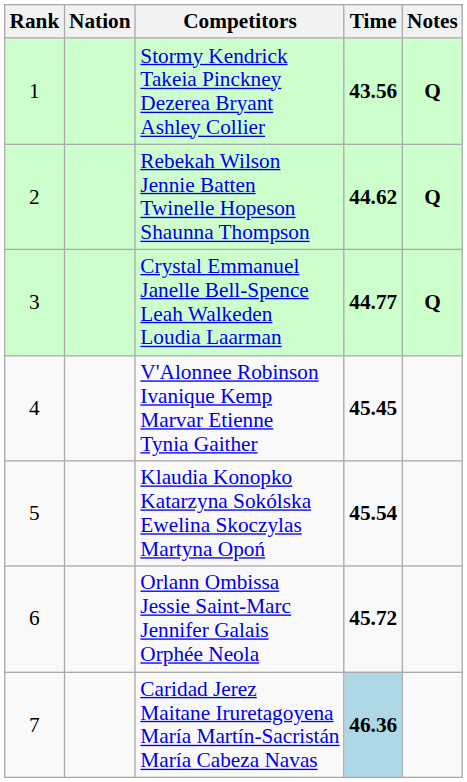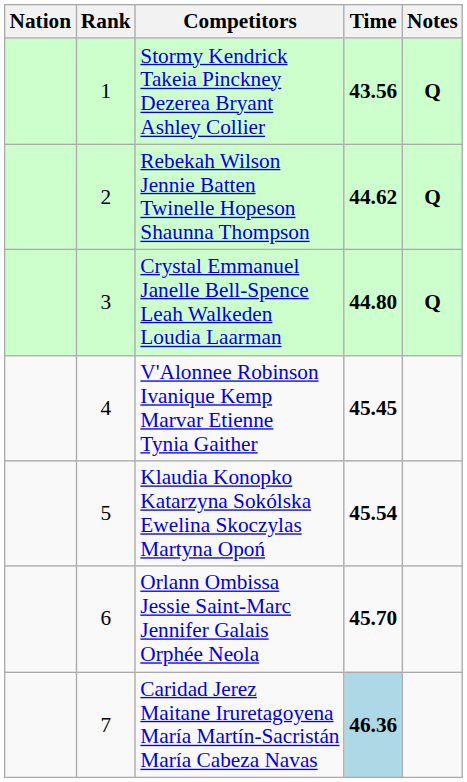 <table class="wikitable sortable" style="text-align:center">
 <tr>
+<th>Nation</th>
 <th>Rank</th>
-<th>Nation</th>
 <th>Competitors</th>
 <th>Time</th>
 <th>Notes</th>
 </tr>
 <tr bgcolor=ccffcc>
+<td align=left></td>
 <td>1</td>
-<td align=left></td>
 <td align=left><a href='#'>Stormy Kendrick</a><br><a href='#'>Takeia Pinckney</a><br><a href='#'>Dezerea Bryant</a><br><a href='#'>Ashley Collier</a></td>
 <td><strong>43.56</strong></td>
 <td><strong>Q</strong></td>
 </tr>
 <tr bgcolor=ccffcc>
+<td align=left></td>
 <td>2</td>
-<td align=left></td>
 <td align=left><a href='#'>Rebekah Wilson</a><br><a href='#'>Jennie Batten</a><br><a href='#'>Twinelle Hopeson</a><br><a href='#'>Shaunna Thompson</a></td>
 <td><strong>44.62</strong></td>
 <td><strong>Q</strong></td>
 </tr>
 <tr bgcolor=ccffcc>
+<td align=left></td>
 <td>3</td>
-<td align=left></td>
 <td align=left><a href='#'>Crystal Emmanuel</a><br><a href='#'>Janelle Bell-Spence</a><br><a href='#'>Leah Walkeden</a><br><a href='#'>Loudia Laarman</a></td>
-<td><strong>44.77</strong></td>
+<td><strong>44.80</strong></td>
 <td><strong>Q</strong></td>
 </tr>
 <tr>
+<td align=left></td>
 <td>4</td>
-<td align=left></td>
 <td align=left><a href='#'>V'Alonnee Robinson</a><br><a href='#'>Ivanique Kemp</a><br><a href='#'>Marvar Etienne</a><br><a href='#'>Tynia Gaither</a></td>
 <td><strong>45.45</strong></td>
 <td></td>
 </tr>
 <tr>
+<td align=left></td>
 <td>5</td>
-<td align=left></td>
 <td align=left><a href='#'>Klaudia Konopko</a><br><a href='#'>Katarzyna Sokólska</a><br><a href='#'>Ewelina Skoczylas</a><br><a href='#'>Martyna Opoń</a></td>
 <td><strong>45.54</strong></td>
 <td></td>
 </tr>
 <tr>
+<td align=left></td>
 <td>6</td>
-<td align=left></td>
 <td align=left><a href='#'>Orlann Ombissa</a><br><a href='#'>Jessie Saint-Marc</a><br><a href='#'>Jennifer Galais</a><br><a href='#'>Orphée Neola</a></td>
-<td><strong>45.72</strong></td>
+<td><strong>45.70</strong></td>
 <td></td>
 </tr>
 <tr>
+<td align=left></td>
 <td>7</td>
-<td align=left></td>
 <td align=left><a href='#'>Caridad Jerez</a><br><a href='#'>Maitane Iruretagoyena</a><br><a href='#'>María Martín-Sacristán</a><br><a href='#'>María Cabeza Navas</a></td>
 <td style="background: lightblue;"><strong>46.36</strong></td>
 <td></td>
 </tr>
 </table>
